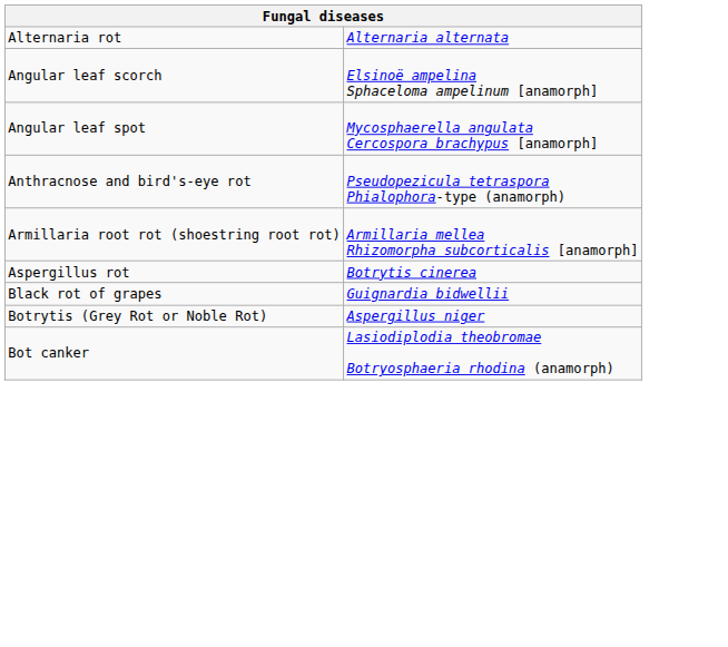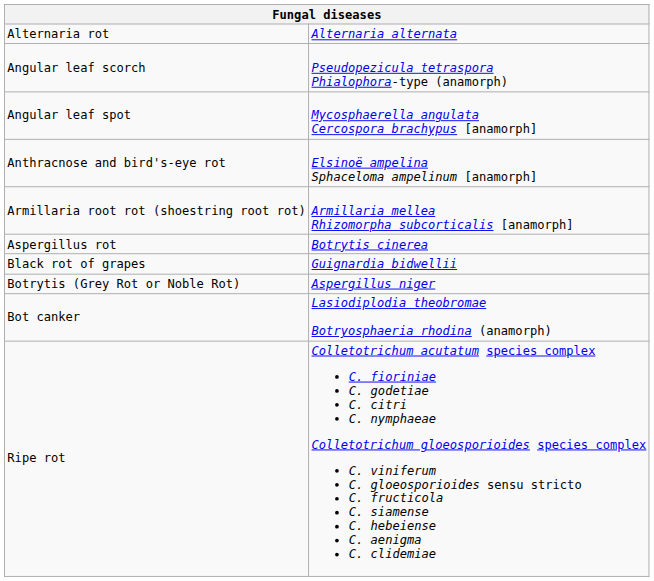 <table class="wikitable" style="clear">
 <tr>
 <th colspan=2><strong>Fungal diseases</strong><br></th>
 </tr>
 <tr>
 <td>Alternaria rot</td>
 <td><em><a href='#'>Alternaria alternata</a></em></td>
 </tr>
 <tr>
 <td>Angular leaf scorch</td>
-<td><br><em><a href='#'>Elsinoë ampelina</a></em><br> <em>Sphaceloma ampelinum</em> [anamorph]</td>
+<td><br><em><a href='#'>Pseudopezicula tetraspora</a></em> <br> <em><a href='#'>Phialophora</a></em>-type (anamorph)</td>
 </tr>
 <tr>
 <td>Angular leaf spot</td>
 <td><br><em><a href='#'>Mycosphaerella angulata</a></em><br> <em><a href='#'>Cercospora brachypus</a></em> [anamorph]</td>
 </tr>
 <tr>
 <td>Anthracnose and bird's-eye rot</td>
-<td><br><em><a href='#'>Pseudopezicula tetraspora</a></em> <br> <em><a href='#'>Phialophora</a></em>-type (anamorph)</td>
+<td><br><em><a href='#'>Elsinoë ampelina</a></em><br> <em>Sphaceloma ampelinum</em> [anamorph]</td>
 </tr>
 <tr>
 <td>Armillaria root rot (shoestring root rot)</td>
 <td><br><em><a href='#'>Armillaria mellea</a></em><br> <em><a href='#'>Rhizomorpha subcorticalis</a></em> [anamorph]</td>
 </tr>
 <tr>
 <td>Aspergillus rot</td>
 <td><em><a href='#'>Botrytis cinerea</a></em></td>
 </tr>
 <tr>
 <td>Black rot of grapes</td>
 <td><em><a href='#'>Guignardia bidwellii</a></em></td>
 </tr>
 <tr>
 <td>Botrytis (Grey Rot or Noble Rot)</td>
 <td><em><a href='#'>Aspergillus niger</a></em></td>
 </tr>
 <tr>
 <td>Bot canker</td>
 <td><em><a href='#'>Lasiodiplodia theobromae</a></em><br><br><em><a href='#'>Botryosphaeria rhodina</a></em> (anamorph)</td>
 </tr>
+<tr>
+<td>Ripe rot</td>
+<td><em><a href='#'>Colletotrichum acutatum</a></em> <a href='#'>species complex</a><br><ul><li><em><a href='#'>C. fioriniae</a></em></li><li><em>C. godetiae</em></li><li><em>C. citri</em></li><li><em>C. nymphaeae</em></li></ul><em><a href='#'>Colletotrichum gloeosporioides</a></em> <a href='#'>species complex</a><ul><li><em>C. viniferum</em></li><li><em>C. gloeosporioides</em> sensu stricto</li><li><em>C. fructicola</em></li><li><em>C. siamense</em></li><li><em>C. hebeiense</em></li><li><em>C. aenigma</em></li><li><em>C. clidemiae</em></li></ul></td>
+</tr>
 </table>
